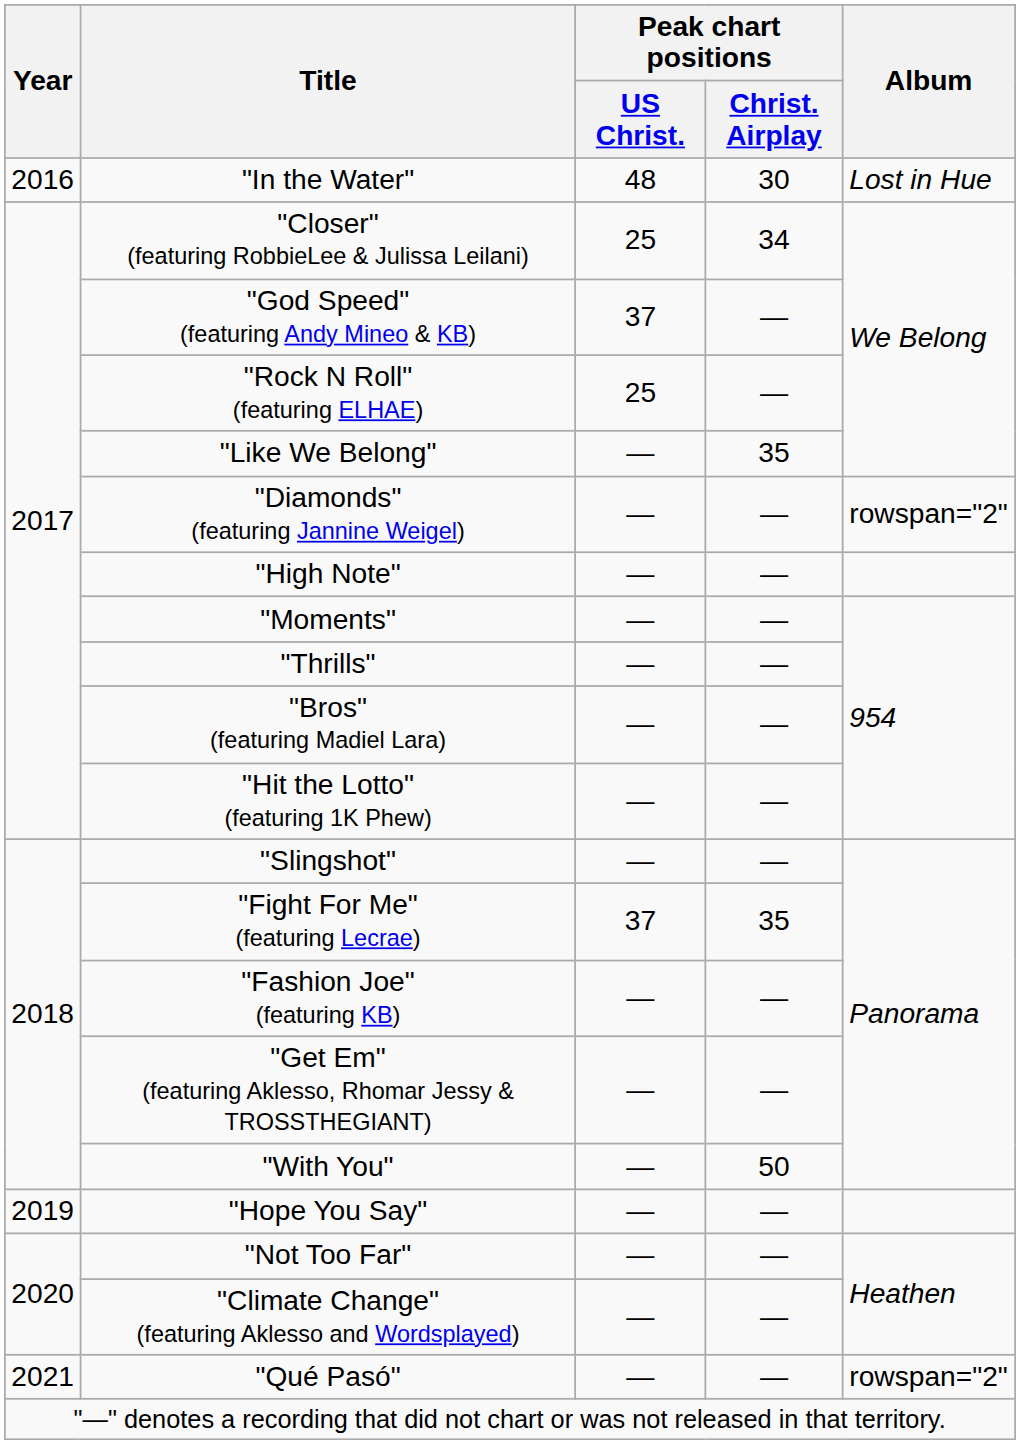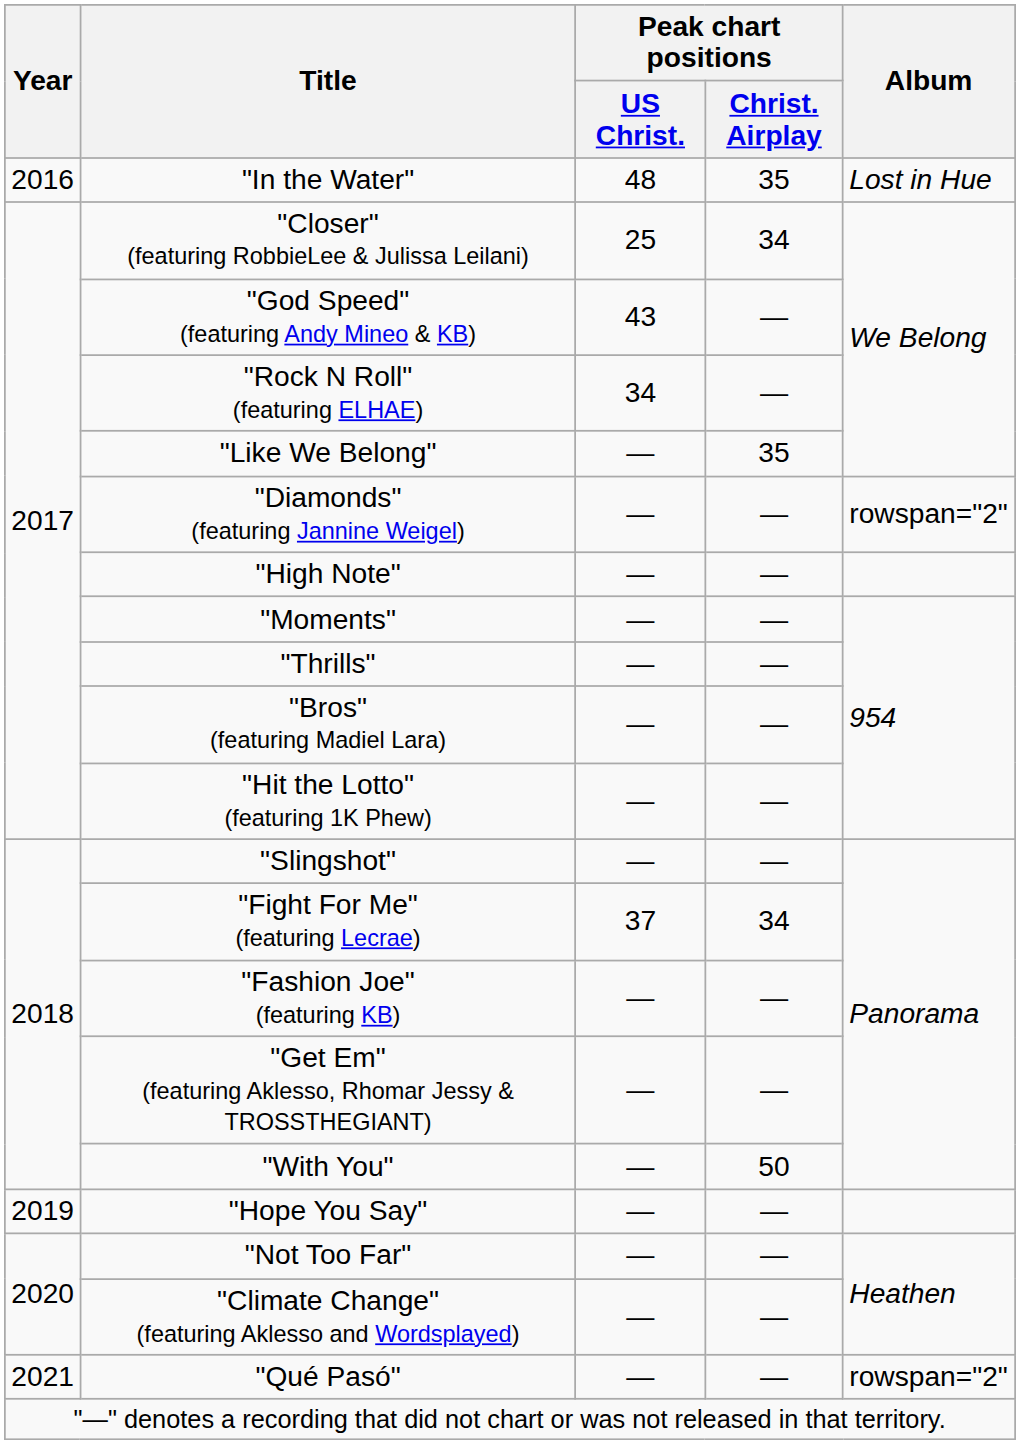 <table class="wikitable" style="width:65%; text-align:center;">
 <tr>
 <th rowspan="2">Year</th>
 <th rowspan="2">Title</th>
 <th colspan="2">Peak chart positions</th>
 <th rowspan="2">Album</th>
 </tr>
 <tr>
 <th scope="row"><a href='#'>US<br>Christ.</a><br></th>
 <th scope="row"><a href='#'>Christ.<br>Airplay</a><br></th>
 </tr>
 <tr>
 <td>2016</td>
 <td>"In the Water"</td>
 <td>48</td>
-<td>30</td>
+<td>35</td>
 <td style="text-align:left"><em>Lost in Hue</em></td>
 </tr>
 <tr>
 <td rowspan="10">2017</td>
 <td>"Closer" <br><small> (featuring RobbieLee & Julissa Leilani)</small></td>
 <td>25</td>
 <td>34</td>
 <td rowspan="4" style="text-align:left"><em>We Belong</em></td>
 </tr>
 <tr>
 <td>"God Speed" <br><small> (featuring <a href='#'>Andy Mineo</a> & <a href='#'>KB</a>)</small></td>
-<td>37</td>
+<td>43</td>
 <td>—</td>
 </tr>
 <tr>
 <td>"Rock N Roll" <br><small> (featuring <a href='#'>ELHAE</a>)</small></td>
-<td>25</td>
+<td>34</td>
 <td>—</td>
 </tr>
 <tr>
 <td>"Like We Belong"</td>
 <td>—</td>
 <td>35</td>
 </tr>
 <tr>
 <td>"Diamonds" <br><small> (featuring <a href='#'>Jannine Weigel</a>)</small></td>
 <td>—</td>
 <td>—</td>
 <td>rowspan="2" </td>
 </tr>
 <tr>
 <td>"High Note"</td>
 <td>—</td>
 <td>—</td>
 </tr>
 <tr>
 <td>"Moments"</td>
 <td>—</td>
 <td>—</td>
 <td rowspan="4" style="text-align:left"><em>954</em></td>
 </tr>
 <tr>
 <td>"Thrills"</td>
 <td>—</td>
 <td>—</td>
 </tr>
 <tr>
 <td>"Bros" <br><small> (featuring Madiel Lara)</small></td>
 <td>—</td>
 <td>—</td>
 </tr>
 <tr>
 <td>"Hit the Lotto" <br><small> (featuring 1K Phew)</small></td>
 <td>—</td>
 <td>—</td>
 </tr>
 <tr>
 <td rowspan="5">2018</td>
 <td>"Slingshot"</td>
 <td>—</td>
 <td>—</td>
 <td style="text-align:left" rowspan="5"><em>Panorama</em></td>
 </tr>
 <tr>
 <td>"Fight For Me" <br><small> (featuring <a href='#'>Lecrae</a>)</small></td>
 <td>37</td>
-<td>35</td>
+<td>34</td>
 </tr>
 <tr>
 <td>"Fashion Joe" <br><small> (featuring <a href='#'>KB</a>)</small></td>
 <td>—</td>
 <td>—</td>
 </tr>
 <tr>
 <td>"Get Em" <br><small> (featuring Aklesso, Rhomar Jessy & TROSSTHEGIANT)</small></td>
 <td>—</td>
 <td>—</td>
 </tr>
 <tr>
 <td>"With You"</td>
 <td>—</td>
 <td>50</td>
 </tr>
 <tr>
 <td>2019</td>
 <td>"Hope You Say"</td>
 <td>—</td>
 <td>—</td>
 <td></td>
 </tr>
 <tr>
 <td rowspan="2">2020</td>
 <td>"Not Too Far"</td>
 <td>—</td>
 <td>—</td>
 <td rowspan="2" style="text-align:left"><em>Heathen</em></td>
 </tr>
 <tr>
 <td>"Climate Change"<br><small> (featuring Aklesso and <a href='#'>Wordsplayed</a>)</small></td>
 <td>—</td>
 <td>—</td>
 </tr>
 <tr>
 <td rowspan="1">2021</td>
 <td>"Qué Pasó"</td>
 <td>—</td>
 <td>—</td>
 <td>rowspan="2" </td>
 </tr>
 <tr>
 <td colspan="5" style="font-size:90%">"—" denotes a recording that did not chart or was not released in that territory.</td>
 </tr>
 </table>
